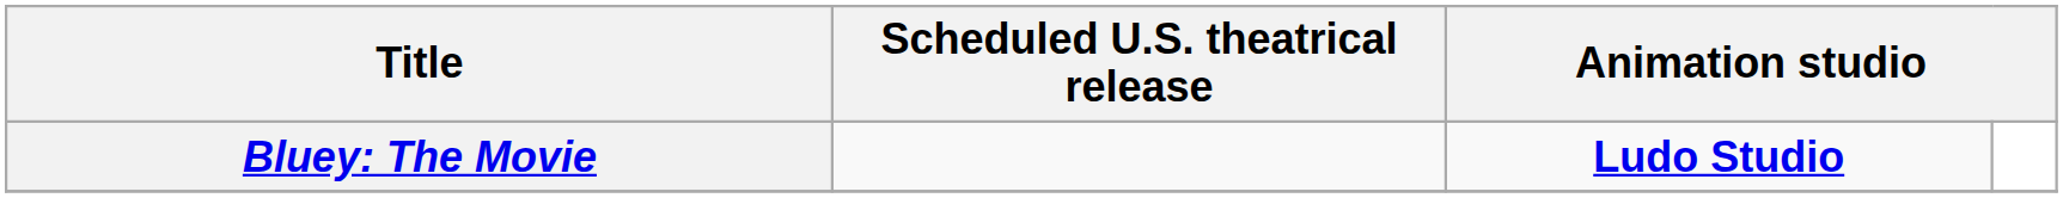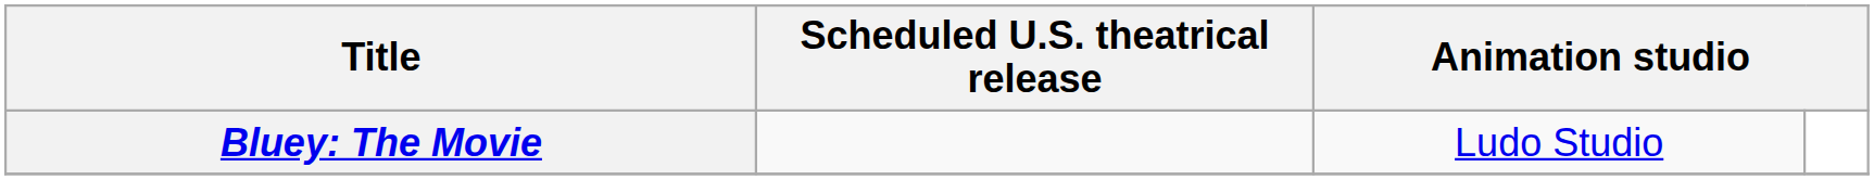 <table class="wikitable sortable plainrowheaders">
 <tr style="color:black">
 <th scope="col" style="width:300px;">Title</th>
 <th scope="col" style="width:220px;">Scheduled U.S. theatrical release</th>
 <th scope="col" colspan="2" style="width:220px;">Animation studio</th>
 </tr>
 <tr>
 <th scope="row"><em><a href='#'>Bluey: The Movie</a></em></th>
 <td></td>
-<td style="text-align:center;"><strong><a href='#'>Ludo Studio</a></strong></td>
+<td style="text-align:center;"><a href='#'>Ludo Studio</a></td>
 <td style="background:white;"> </td>
 </tr>
 <tr>
 </tr>
 </table>
